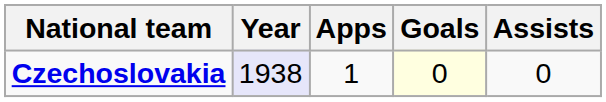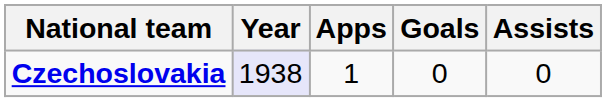 <table class="wikitable" style="font-size:90%; text-align: center;">
 <tr>
 <th>National team</th>
 <th>Year</th>
 <th>Apps</th>
 <th>Goals</th>
 <th>Assists</th>
 </tr>
 <tr>
 <td rowspan=7><strong><a href='#'>Czechoslovakia</a></strong></td>
 <td style="background: lavender;">1938</td>
 <td>1</td>
-<td style="background: lightyellow;">0</td>
+<td>0</td>
 <td>0</td>
 </tr>
 </table>
